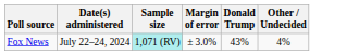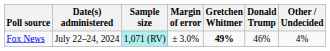 <table class="wikitable sortable mw-datatable" style="font-size:90%;text-align:center;line-height:17px">
 <tr valign=bottom>
 <th>Poll source</th>
 <th>Date(s)<br>administered</th>
 <th>Sample<br>size</th>
 <th>Margin<br>of error</th>
+<th class="unsortable">Gretchen<br>Whitmer<br></th>
 <th class="unsortable">Donald<br>Trump<br></th>
 <th class="unsortable">Other /<br>Undecided</th>
 </tr>
 <tr>
 <td style="text-align:left;"><a href='#'>Fox News</a></td>
 <td data-sort-value="2024-07-26">July 22–24, 2024</td>
 <td style="background: paleturquoise;">1,071 (RV)</td>
 <td>± 3.0%</td>
-<td>43%</td>
+<td style="color:black;background-color:"><strong>49%</strong></td>
+<td>46%</td>
 <td>4%</td>
 </tr>
 </table>
